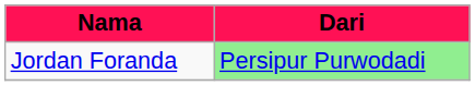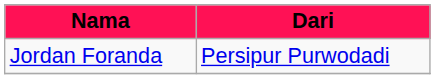 <table class="wikitable"  style="text-align:left; font-size:100%; width:25%;">
 <tr>
 <th style="background:#f15; color:black; text-align:center;">Nama</th>
 <th style="background:#f15; color:black; text-align:center;">Dari</th>
 </tr>
 <tr>
 <td><a href='#'>Jordan Foranda</a></td>
-<td style="background: lightgreen;"><a href='#'>Persipur Purwodadi</a></td>
+<td><a href='#'>Persipur Purwodadi</a></td>
 </tr>
 <tr>
 </tr>
 </table>
